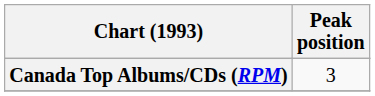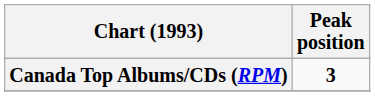 <table class="wikitable sortable plainrowheaders" style="text-align:center">
 <tr>
 <th scope="col">Chart (1993)</th>
 <th scope="col">Peak<br>position</th>
 </tr>
 <tr>
 </tr>
 <tr>
 </tr>
 <tr>
 <th scope="row">Canada Top Albums/CDs (<em><a href='#'>RPM</a></em>)</th>
-<td>3</td>
+<td><strong>3</strong></td>
 </tr>
 <tr>
 </tr>
 <tr>
 </tr>
 <tr>
 </tr>
 <tr>
 </tr>
 <tr>
 </tr>
 </table>
